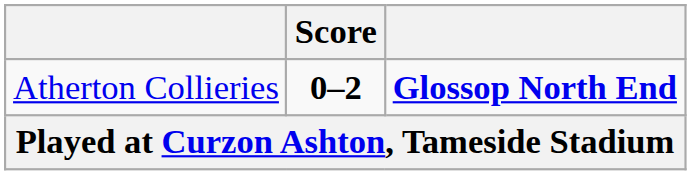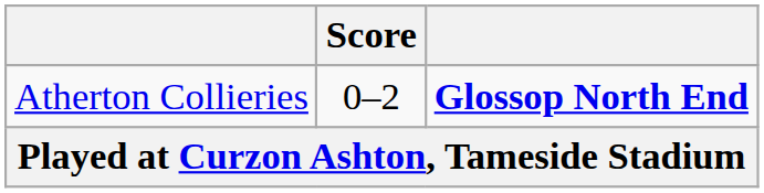 <table class="wikitable" style="text-align: center">
 <tr>
 <th></th>
 <th>Score</th>
 <th></th>
 </tr>
 <tr>
 <td><a href='#'>Atherton Collieries</a></td>
-<td><strong>0–2</strong></td>
+<td>0–2</td>
 <td><strong><a href='#'>Glossop North End</a></strong></td>
 </tr>
 <tr>
 <th colspan="3"><strong>Played at <a href='#'>Curzon Ashton</a>, Tameside Stadium</strong></th>
 </tr>
 </table>
